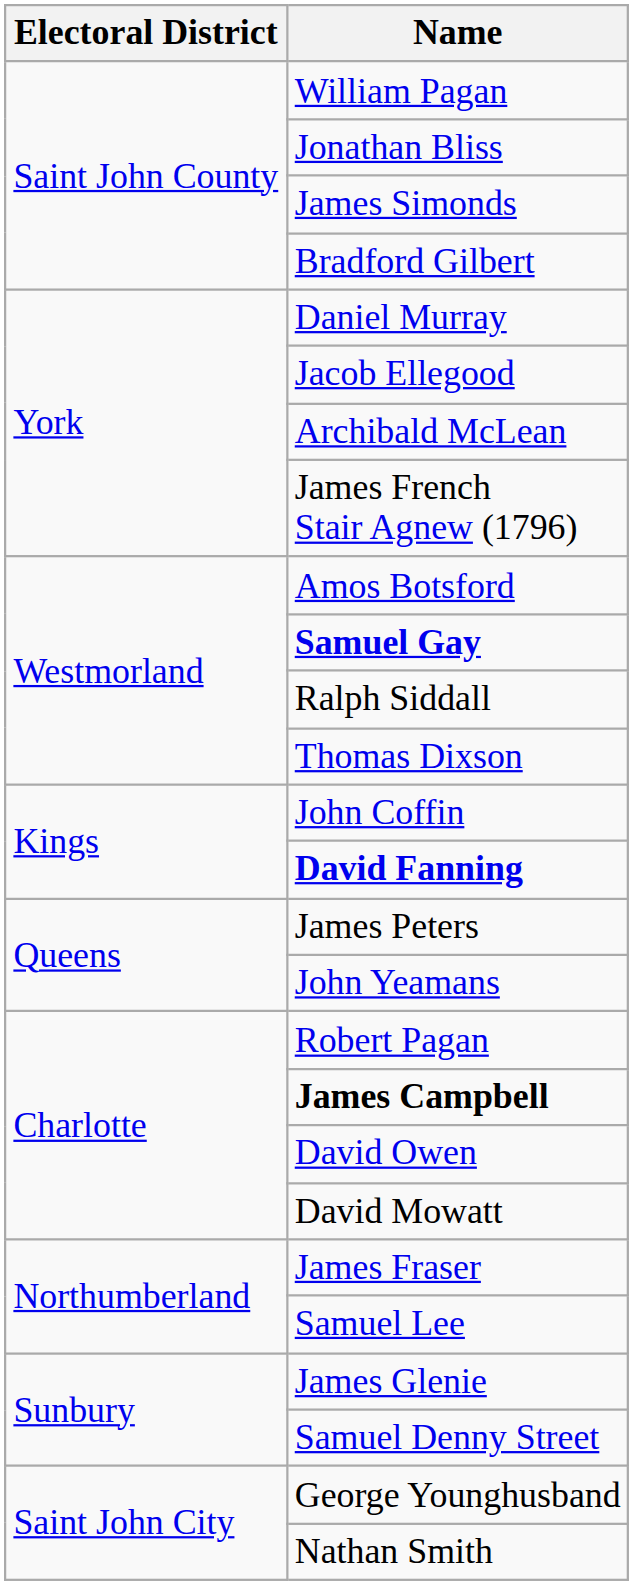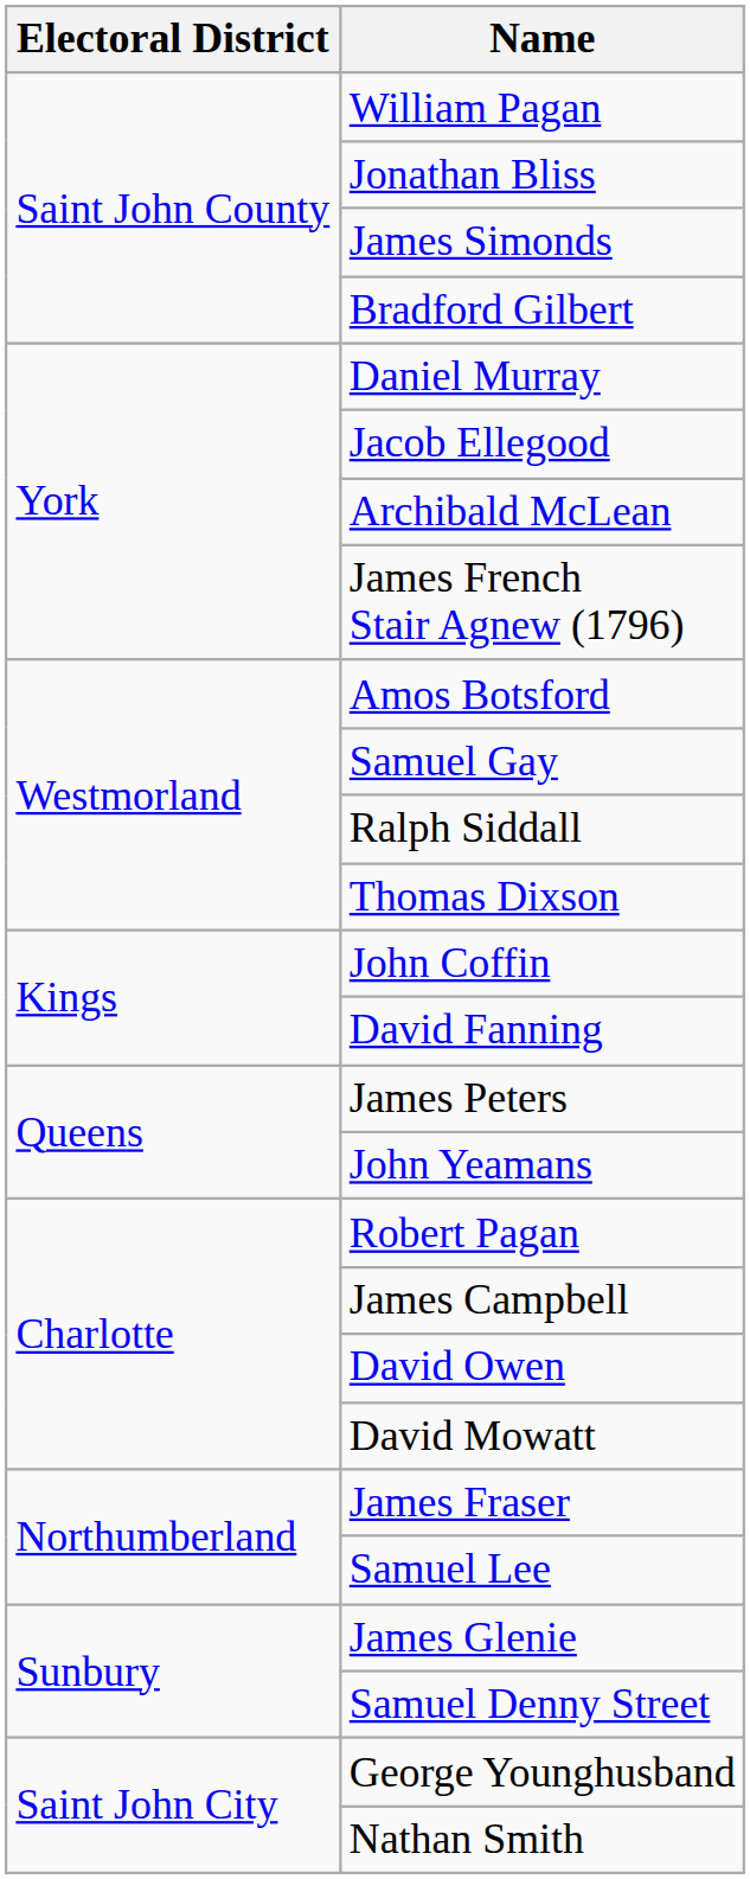 <table class="wikitable">
 <tr>
 <th>Electoral District</th>
 <th>Name</th>
 </tr>
 <tr>
 <td rowspan="4"><a href='#'>Saint John County</a></td>
 <td><a href='#'>William Pagan</a></td>
 </tr>
 <tr>
 <td><a href='#'>Jonathan Bliss</a></td>
 </tr>
 <tr>
 <td><a href='#'>James Simonds</a></td>
 </tr>
 <tr>
 <td><a href='#'>Bradford Gilbert</a></td>
 </tr>
 <tr>
 <td rowspan="4"><a href='#'>York</a></td>
 <td><a href='#'>Daniel Murray</a></td>
 </tr>
 <tr>
 <td><a href='#'>Jacob Ellegood</a></td>
 </tr>
 <tr>
 <td><a href='#'>Archibald McLean</a></td>
 </tr>
 <tr>
 <td>James French<br><a href='#'>Stair Agnew</a> (1796)</td>
 </tr>
 <tr>
 <td rowspan="4"><a href='#'>Westmorland</a></td>
 <td><a href='#'>Amos Botsford</a></td>
 </tr>
 <tr>
-<td><strong><a href='#'>Samuel Gay</a></strong></td>
+<td><a href='#'>Samuel Gay</a></td>
 </tr>
 <tr>
 <td>Ralph Siddall</td>
 </tr>
 <tr>
 <td><a href='#'>Thomas Dixson</a></td>
 </tr>
 <tr>
 <td rowspan="2"><a href='#'>Kings</a></td>
 <td><a href='#'>John Coffin</a></td>
 </tr>
 <tr>
-<td><strong><a href='#'>David Fanning</a></strong></td>
+<td><a href='#'>David Fanning</a></td>
 </tr>
 <tr>
 <td rowspan="2"><a href='#'>Queens</a></td>
 <td>James Peters</td>
 </tr>
 <tr>
 <td><a href='#'>John Yeamans</a></td>
 </tr>
 <tr>
 <td rowspan="4"><a href='#'>Charlotte</a></td>
 <td><a href='#'>Robert Pagan</a></td>
 </tr>
 <tr>
-<td><strong>James Campbell</strong></td>
+<td>James Campbell</td>
 </tr>
 <tr>
 <td><a href='#'>David Owen</a></td>
 </tr>
 <tr>
 <td>David Mowatt</td>
 </tr>
 <tr>
 <td rowspan="2"><a href='#'>Northumberland</a></td>
 <td><a href='#'>James Fraser</a></td>
 </tr>
 <tr>
 <td><a href='#'>Samuel Lee</a></td>
 </tr>
 <tr>
 <td rowspan="2"><a href='#'>Sunbury</a></td>
 <td><a href='#'>James Glenie</a></td>
 </tr>
 <tr>
 <td><a href='#'>Samuel Denny Street</a></td>
 </tr>
 <tr>
 <td rowspan="2"><a href='#'>Saint John City</a></td>
 <td>George Younghusband</td>
 </tr>
 <tr>
 <td>Nathan Smith</td>
 </tr>
 </table>
